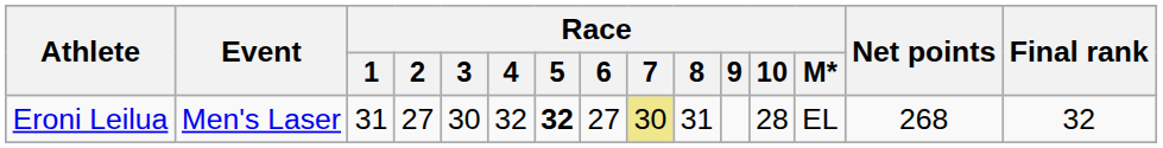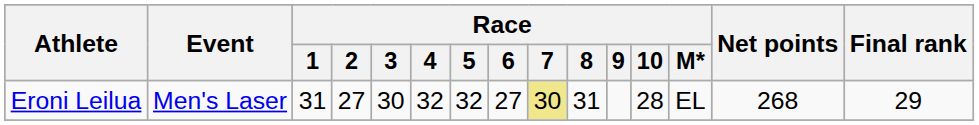 <table class="wikitable" style="font-size:90%">
 <tr>
 <th rowspan="2">Athlete</th>
 <th rowspan="2">Event</th>
 <th colspan=11>Race</th>
 <th rowspan=2>Net points</th>
 <th rowspan=2>Final rank</th>
 </tr>
 <tr style="font-size:95%">
 <th>1</th>
 <th>2</th>
 <th>3</th>
 <th>4</th>
 <th>5</th>
 <th>6</th>
 <th>7</th>
 <th>8</th>
 <th>9</th>
 <th>10</th>
 <th>M*</th>
 </tr>
 <tr align=center>
 <td align=left><a href='#'>Eroni Leilua</a></td>
 <td align=left><a href='#'>Men's Laser</a></td>
 <td>31</td>
 <td>27</td>
 <td>30</td>
 <td>32</td>
-<td><strong>32</strong></td>
+<td>32</td>
 <td>27</td>
 <td style="background: khaki;">30</td>
 <td>31</td>
 <td></td>
 <td>28</td>
 <td>EL</td>
 <td>268</td>
-<td>32</td>
+<td>29</td>
 </tr>
 </table>
